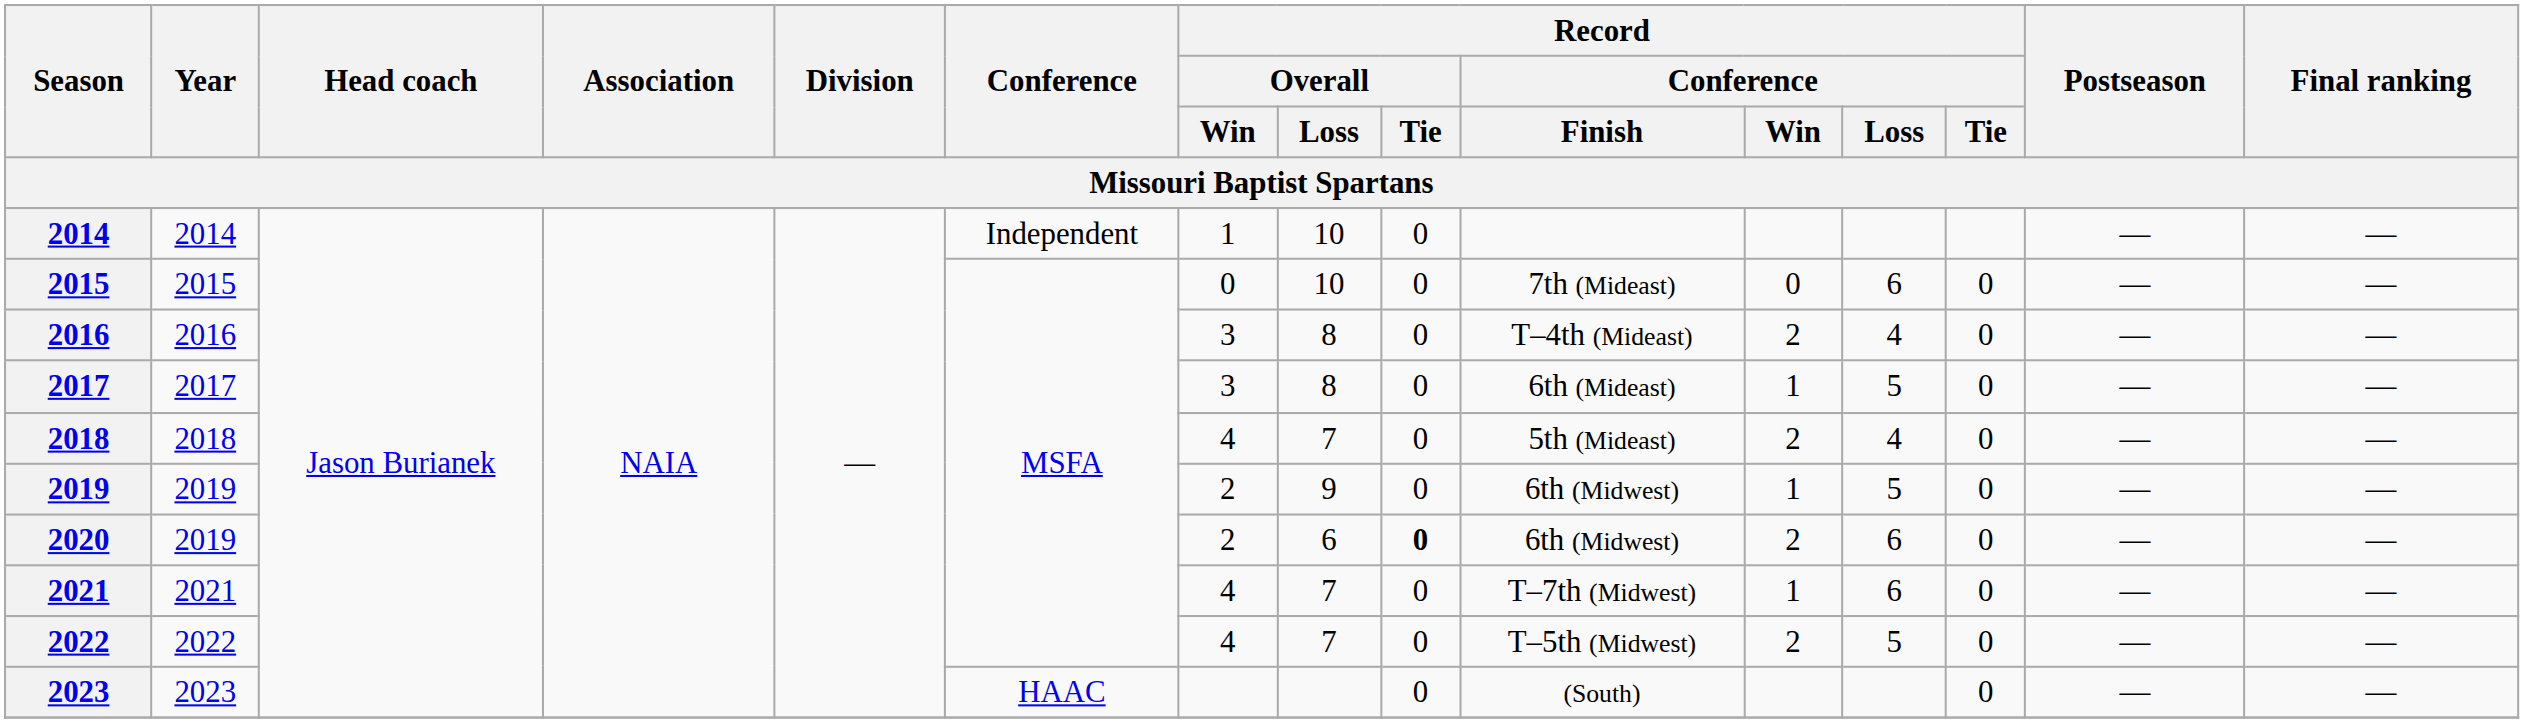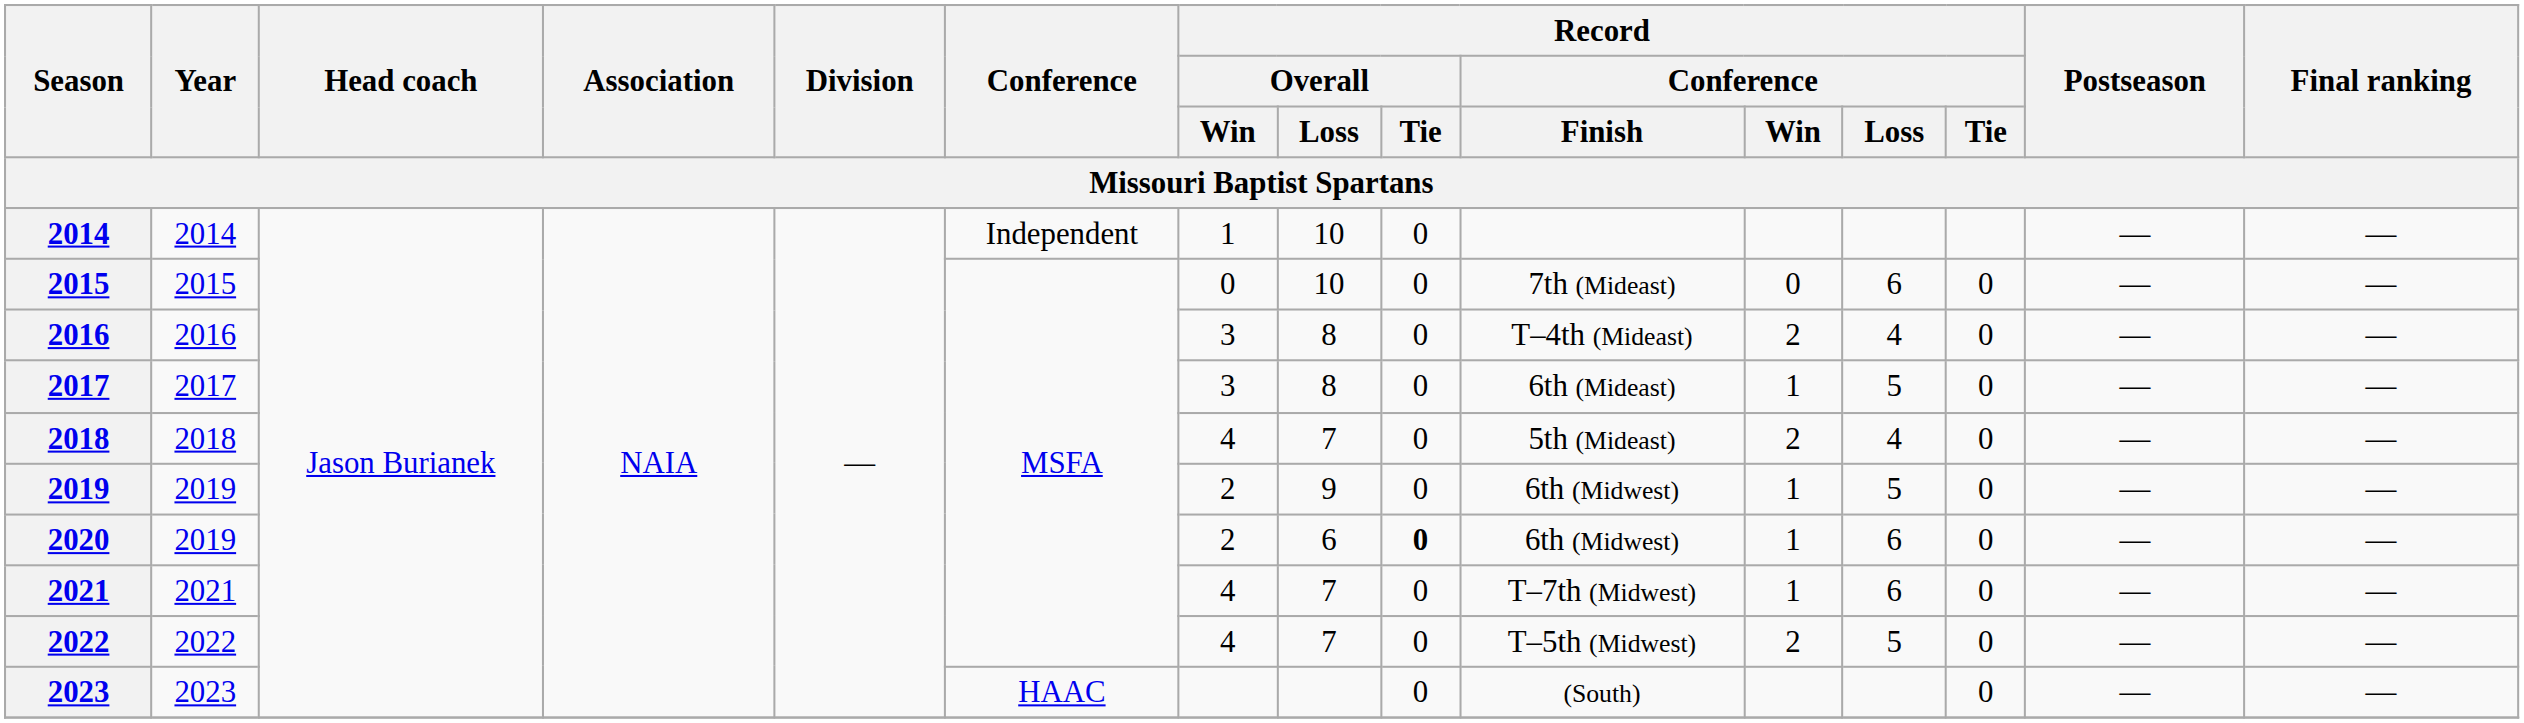 <table class="wikitable" style="font-size: 95%; width:98%;text-align:center;">
 <tr>
 <th rowspan="3">Season</th>
 <th rowspan="3">Year</th>
 <th rowspan="3">Head coach</th>
 <th rowspan="3">Association</th>
 <th rowspan="3">Division</th>
 <th rowspan="3">Conference</th>
 <th colspan="7">Record</th>
 <th rowspan="3">Postseason</th>
 <th rowspan="3">Final ranking</th>
 </tr>
 <tr>
 <th colspan="3">Overall</th>
 <th colspan="4">Conference</th>
 </tr>
 <tr>
 <th>Win</th>
 <th>Loss</th>
 <th>Tie</th>
 <th>Finish</th>
 <th>Win</th>
 <th>Loss</th>
 <th>Tie</th>
 </tr>
 <tr>
 <th colspan="15">Missouri Baptist Spartans</th>
 </tr>
 <tr>
 <th><a href='#'>2014</a></th>
 <td><a href='#'>2014</a></td>
 <td rowspan="10"><a href='#'>Jason Burianek</a></td>
 <td rowspan="10"><a href='#'>NAIA</a></td>
 <td rowspan="10">—</td>
 <td>Independent</td>
 <td>1</td>
 <td>10</td>
 <td>0</td>
 <td></td>
 <td></td>
 <td></td>
 <td></td>
 <td>—</td>
 <td>—</td>
 </tr>
 <tr>
 <th><a href='#'>2015</a></th>
 <td><a href='#'>2015</a></td>
 <td rowspan="8"><a href='#'>MSFA</a></td>
 <td>0</td>
 <td>10</td>
 <td>0</td>
 <td>7th <small>(Mideast)</small></td>
 <td>0</td>
 <td>6</td>
 <td>0</td>
 <td>—</td>
 <td>—</td>
 </tr>
 <tr>
 <th><a href='#'>2016</a></th>
 <td><a href='#'>2016</a></td>
 <td>3</td>
 <td>8</td>
 <td>0</td>
 <td>T–4th <small>(Mideast)</small></td>
 <td>2</td>
 <td>4</td>
 <td>0</td>
 <td>—</td>
 <td>—</td>
 </tr>
 <tr>
 <th><a href='#'>2017</a></th>
 <td><a href='#'>2017</a></td>
 <td>3</td>
 <td>8</td>
 <td>0</td>
 <td>6th <small>(Mideast)</small></td>
 <td>1</td>
 <td>5</td>
 <td>0</td>
 <td>—</td>
 <td>—</td>
 </tr>
 <tr>
 <th><a href='#'>2018</a></th>
 <td><a href='#'>2018</a></td>
 <td>4</td>
 <td>7</td>
 <td>0</td>
 <td>5th <small>(Mideast)</small></td>
 <td>2</td>
 <td>4</td>
 <td>0</td>
 <td>—</td>
 <td>—</td>
 </tr>
 <tr>
 <th><a href='#'>2019</a></th>
 <td><a href='#'>2019</a></td>
 <td>2</td>
 <td>9</td>
 <td>0</td>
 <td>6th <small>(Midwest)</small></td>
 <td>1</td>
 <td>5</td>
 <td>0</td>
 <td>—</td>
 <td>—</td>
 </tr>
 <tr>
 <th><a href='#'>2020</a></th>
 <td><a href='#'>2019</a></td>
 <td>2</td>
 <td>6</td>
 <td><strong>0</strong></td>
 <td>6th <small>(Midwest)</small></td>
-<td>2</td>
+<td>1</td>
 <td>6</td>
 <td>0</td>
 <td>—</td>
 <td>—</td>
 </tr>
 <tr>
 <th><a href='#'>2021</a></th>
 <td><a href='#'>2021</a></td>
 <td>4</td>
 <td>7</td>
 <td>0</td>
 <td>T–7th <small>(Midwest)</small></td>
 <td>1</td>
 <td>6</td>
 <td>0</td>
 <td>—</td>
 <td>—</td>
 </tr>
 <tr>
 <th><a href='#'>2022</a></th>
 <td><a href='#'>2022</a></td>
 <td>4</td>
 <td>7</td>
 <td>0</td>
 <td>T–5th <small>(Midwest)</small></td>
 <td>2</td>
 <td>5</td>
 <td>0</td>
 <td>—</td>
 <td>—</td>
 </tr>
 <tr>
 <th><a href='#'>2023</a></th>
 <td><a href='#'>2023</a></td>
 <td><a href='#'>HAAC</a></td>
 <td></td>
 <td></td>
 <td>0</td>
 <td><small>(South)</small></td>
 <td></td>
 <td></td>
 <td>0</td>
 <td>—</td>
 <td>—</td>
 </tr>
 <tr>
 </tr>
 </table>
